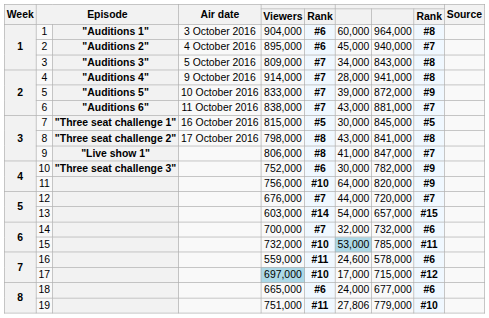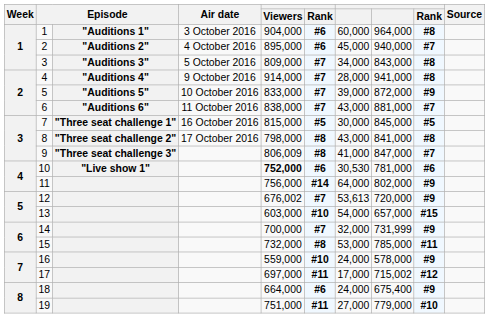 <table class="wikitable plainrowheaders" style="text-align:center; line-height:16px;">
 <tr>
 <th rowspan="2">Week</th>
 <th rowspan="2" colspan=2>Episode</th>
 <th rowspan="2" class="unsortable">Air date</th>
 <th colspan="2"></th>
 <th colspan="3"></th>
 <th rowspan="2" class="unsortable">Source</th>
 </tr>
 <tr>
 <th>Viewers</th>
 <th>Rank</th>
 <th></th>
 <th></th>
 <th>Rank</th>
 </tr>
 <tr>
 <th rowspan="3">1</th>
 <td>1</td>
 <th scope="row" style="text-align:center;">"Auditions 1"</th>
 <td>3 October 2016</td>
 <td>904,000</td>
 <td style="background:#F0F8FF"><strong>#6</strong></td>
 <td>60,000</td>
 <td>964,000</td>
 <td style="background:#F0F8FF"><strong>#8</strong></td>
 <td></td>
 </tr>
 <tr>
 <td>2</td>
 <th scope="row" style="text-align:center;">"Auditions 2"</th>
 <td>4 October 2016</td>
 <td>895,000</td>
 <td style="background:#F0F8FF"><strong>#6</strong></td>
 <td>45,000</td>
 <td>940,000</td>
 <td style="background:#F0F8FF"><strong>#7</strong></td>
 <td></td>
 </tr>
 <tr>
 <td>3</td>
 <th scope="row" style="text-align:center;">"Auditions 3"</th>
 <td>5 October 2016</td>
 <td>809,000</td>
 <td style="background:#F0F8FF"><strong>#7</strong></td>
 <td>34,000</td>
 <td>843,000</td>
 <td style="background:#F0F8FF"><strong>#8</strong></td>
 <td></td>
 </tr>
 <tr>
 <th rowspan="3">2</th>
 <td>4</td>
 <th scope="row" style="text-align:center;">"Auditions 4"</th>
 <td>9 October 2016</td>
 <td>914,000</td>
 <td style="background:#F0F8FF"><strong>#7</strong></td>
 <td>28,000</td>
 <td>941,000</td>
 <td style="background:#F0F8FF"><strong>#8</strong></td>
 <td></td>
 </tr>
 <tr>
 <td>5</td>
 <th scope="row" style="text-align:center;">"Auditions 5"</th>
 <td>10 October 2016</td>
 <td>833,000</td>
 <td style="background:#F0F8FF"><strong>#7</strong></td>
 <td>39,000</td>
 <td>872,000</td>
 <td style="background:#F0F8FF"><strong>#9</strong></td>
 <td></td>
 </tr>
 <tr>
 <td>6</td>
 <th scope="row" style="text-align:center;">"Auditions 6"</th>
 <td>11 October 2016</td>
 <td>838,000</td>
 <td style="background:#F0F8FF"><strong>#7</strong></td>
 <td>43,000</td>
 <td>881,000</td>
 <td style="background:#F0F8FF"><strong>#7</strong></td>
 <td></td>
 </tr>
 <tr>
 <th rowspan="3">3</th>
 <td>7</td>
 <th scope="row" style="text-align:center;">"Three seat challenge 1"</th>
 <td>16 October 2016</td>
 <td>815,000</td>
 <td style="background:#F0F8FF"><strong>#5</strong></td>
 <td>30,000</td>
 <td>845,000</td>
 <td style="background:#F0F8FF"><strong>#5</strong></td>
 <td></td>
 </tr>
 <tr>
 <td>8</td>
 <th scope="row" style="text-align:center;">"Three seat challenge 2"</th>
 <td>17 October 2016</td>
 <td>798,000</td>
 <td style="background:#F0F8FF"><strong>#8</strong></td>
 <td>43,000</td>
 <td>841,000</td>
 <td style="background:#F0F8FF"><strong>#8</strong></td>
 <td></td>
 </tr>
 <tr>
 <td>9</td>
-<th scope="row" style="text-align:center;">"Live show 1"</th>
+<th scope="row" style="text-align:center;">"Three seat challenge 3"</th>
 <td></td>
-<td>806,000</td>
+<td>806,009</td>
 <td style="background:#F0F8FF"><strong>#8</strong></td>
 <td>41,000</td>
 <td>847,000</td>
 <td style="background:#F0F8FF"><strong>#7</strong></td>
 <td></td>
 </tr>
 <tr>
 <th rowspan="2">4</th>
 <td>10</td>
-<th scope="row" style="text-align:center;">"Three seat challenge 3"</th>
+<th scope="row" style="text-align:center;">"Live show 1"</th>
 <td></td>
-<td>752,000</td>
+<td><strong>752,000</strong></td>
 <td style="background:#F0F8FF"><strong>#6</strong></td>
-<td>30,000</td>
-<td>782,000</td>
-<td style="background:#F0F8FF"><strong>#9</strong></td>
+<td>30,530</td>
+<td>781,000</td>
+<td style="background:#F0F8FF"><strong>#6</strong></td>
 <td></td>
 </tr>
 <tr>
 <td>11</td>
 <th scope="row" style="text-align:center;"></th>
 <td></td>
 <td>756,000</td>
-<td style="background:#F0F8FF"><strong>#10</strong></td>
+<td style="background:#F0F8FF"><strong>#14</strong></td>
 <td>64,000</td>
-<td>820,000</td>
+<td>802,000</td>
 <td style="background:#F0F8FF"><strong>#9</strong></td>
 <td></td>
 </tr>
 <tr>
 <th rowspan="2">5</th>
 <td>12</td>
 <th scope="row" style="text-align:center;"></th>
 <td></td>
-<td>676,000</td>
+<td>676,002</td>
 <td style="background:#F0F8FF"><strong>#7</strong></td>
-<td>44,000</td>
+<td>53,613</td>
 <td>720,000</td>
-<td style="background:#F0F8FF"><strong>#7</strong></td>
+<td style="background:#F0F8FF"><strong>#9</strong></td>
 <td></td>
 </tr>
 <tr>
 <td>13</td>
 <th scope="row" style="text-align:center;"></th>
 <td></td>
 <td>603,000</td>
-<td style="background:#F0F8FF"><strong>#14</strong></td>
+<td style="background:#F0F8FF"><strong>#10</strong></td>
 <td>54,000</td>
 <td>657,000</td>
 <td style="background:#F0F8FF"><strong>#15</strong></td>
 <td></td>
 </tr>
 <tr>
 <th rowspan="2">6</th>
 <td>14</td>
 <th scope="row" style="text-align:center;"></th>
 <td></td>
 <td>700,000</td>
 <td style="background:#F0F8FF"><strong>#7</strong></td>
 <td>32,000</td>
-<td>732,000</td>
-<td style="background:#F0F8FF"><strong>#6</strong></td>
+<td>731,999</td>
+<td style="background:#F0F8FF"><strong>#9</strong></td>
 <td></td>
 </tr>
 <tr>
 <td>15</td>
 <th scope="row" style="text-align:center;"></th>
 <td></td>
 <td>732,000</td>
-<td style="background:#F0F8FF"><strong>#10</strong></td>
-<td style="background: lightblue;">53,000</td>
+<td style="background:#F0F8FF"><strong>#8</strong></td>
+<td>53,000</td>
 <td>785,000</td>
 <td style="background:#F0F8FF"><strong>#11</strong></td>
 <td></td>
 </tr>
 <tr>
 <th rowspan="2">7</th>
 <td>16</td>
 <th scope="row" style="text-align:center;"></th>
 <td></td>
 <td>559,000</td>
-<td style="background:#F0F8FF"><strong>#11</strong></td>
-<td>24,600</td>
+<td style="background:#F0F8FF"><strong>#10</strong></td>
+<td>24,000</td>
 <td>578,000</td>
-<td style="background:#F0F8FF"><strong>#6</strong></td>
+<td style="background:#F0F8FF"><strong>#9</strong></td>
 <td></td>
 </tr>
 <tr>
 <td>17</td>
 <th scope="row" style="text-align:center;"></th>
 <td></td>
-<td style="background: lightblue;">697,000</td>
-<td style="background:#F0F8FF"><strong>#10</strong></td>
+<td>697,000</td>
+<td style="background:#F0F8FF"><strong>#11</strong></td>
 <td>17,000</td>
-<td>715,000</td>
+<td>715,002</td>
 <td style="background:#F0F8FF"><strong>#12</strong></td>
 <td></td>
 </tr>
 <tr>
 <th rowspan="3">8</th>
 <td>18</td>
 <th scope="row" style="text-align:center;"></th>
 <td></td>
-<td>665,000</td>
+<td>664,000</td>
 <td style="background:#F0F8FF"><strong>#6</strong></td>
 <td>24,000</td>
-<td>677,000</td>
-<td style="background:#F0F8FF"><strong>#6</strong></td>
+<td>675,400</td>
+<td style="background:#F0F8FF"><strong>#9</strong></td>
 <td></td>
 </tr>
 <tr>
 <td>19</td>
 <th scope="row" style="text-align:center;"></th>
 <td></td>
 <td>751,000</td>
 <td style="background:#F0F8FF"><strong>#11</strong></td>
-<td>27,806</td>
+<td>27,000</td>
 <td>779,000</td>
 <td style="background:#F0F8FF"><strong>#10</strong></td>
 <td></td>
 </tr>
 </table>
